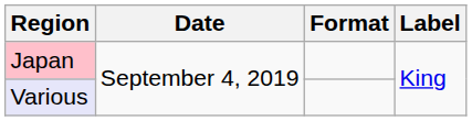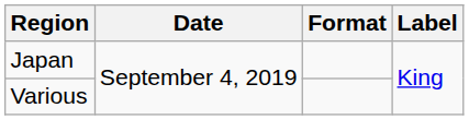 <table class = "wikitable plainrowheaders">
 <tr>
 <th>Region</th>
 <th>Date</th>
 <th>Format</th>
 <th>Label</th>
 </tr>
 <tr>
-<td style="background: pink;">Japan</td>
+<td>Japan</td>
 <td rowspan="2">September 4, 2019</td>
 <td></td>
 <td rowspan="2"><a href='#'>King</a></td>
 </tr>
 <tr>
-<td style="background: lavender;">Various</td>
+<td>Various</td>
 <td></td>
 </tr>
 </table>
